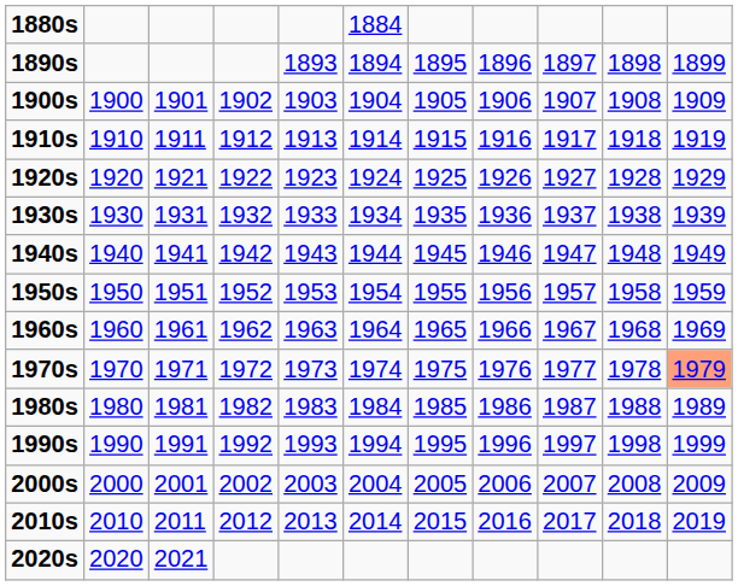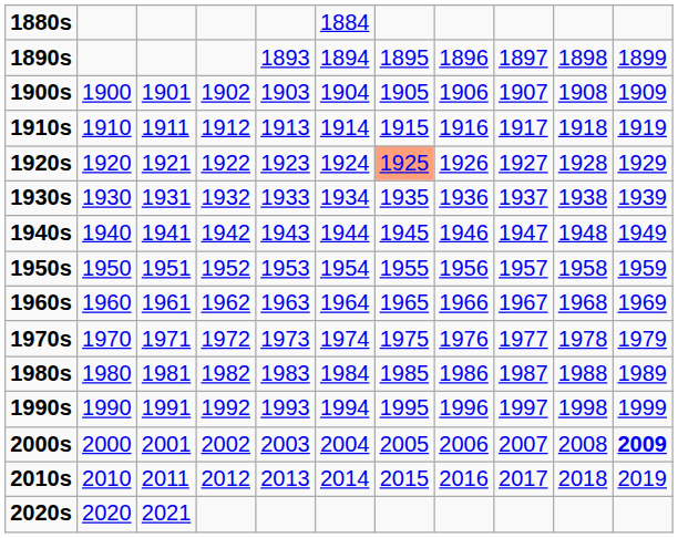 <table class="wikitable">
 <tr>
 <td><strong>1880s</strong></td>
 <td></td>
 <td></td>
 <td></td>
 <td></td>
 <td><a href='#'>1884</a></td>
 <td></td>
 <td></td>
 <td></td>
 <td></td>
 <td></td>
 </tr>
 <tr>
 <td><strong>1890s</strong></td>
 <td></td>
 <td></td>
 <td></td>
 <td><a href='#'>1893</a></td>
 <td><a href='#'>1894</a></td>
 <td><a href='#'>1895</a></td>
 <td><a href='#'>1896</a></td>
 <td><a href='#'>1897</a></td>
 <td><a href='#'>1898</a></td>
 <td><a href='#'>1899</a></td>
 </tr>
 <tr>
 <td><strong>1900s</strong></td>
 <td><a href='#'>1900</a></td>
 <td><a href='#'>1901</a></td>
 <td><a href='#'>1902</a></td>
 <td><a href='#'>1903</a></td>
 <td><a href='#'>1904</a></td>
 <td><a href='#'>1905</a></td>
 <td><a href='#'>1906</a></td>
 <td><a href='#'>1907</a></td>
 <td><a href='#'>1908</a></td>
 <td><a href='#'>1909</a></td>
 </tr>
 <tr>
 <td><strong>1910s</strong></td>
 <td><a href='#'>1910</a></td>
 <td><a href='#'>1911</a></td>
 <td><a href='#'>1912</a></td>
 <td><a href='#'>1913</a></td>
 <td><a href='#'>1914</a></td>
 <td><a href='#'>1915</a></td>
 <td><a href='#'>1916</a></td>
 <td><a href='#'>1917</a></td>
 <td><a href='#'>1918</a></td>
 <td><a href='#'>1919</a></td>
 </tr>
 <tr>
 <td><strong>1920s</strong></td>
 <td><a href='#'>1920</a></td>
 <td><a href='#'>1921</a></td>
 <td><a href='#'>1922</a></td>
 <td><a href='#'>1923</a></td>
 <td><a href='#'>1924</a></td>
-<td><a href='#'>1925</a></td>
+<td style="background: lightsalmon;"><a href='#'>1925</a></td>
 <td><a href='#'>1926</a></td>
 <td><a href='#'>1927</a></td>
 <td><a href='#'>1928</a></td>
 <td><a href='#'>1929</a></td>
 </tr>
 <tr>
 <td><strong>1930s</strong></td>
 <td><a href='#'>1930</a></td>
 <td><a href='#'>1931</a></td>
 <td><a href='#'>1932</a></td>
 <td><a href='#'>1933</a></td>
 <td><a href='#'>1934</a></td>
 <td><a href='#'>1935</a></td>
 <td><a href='#'>1936</a></td>
 <td><a href='#'>1937</a></td>
 <td><a href='#'>1938</a></td>
 <td><a href='#'>1939</a></td>
 </tr>
 <tr>
 <td><strong>1940s</strong></td>
 <td><a href='#'>1940</a></td>
 <td><a href='#'>1941</a></td>
 <td><a href='#'>1942</a></td>
 <td><a href='#'>1943</a></td>
 <td><a href='#'>1944</a></td>
 <td><a href='#'>1945</a></td>
 <td><a href='#'>1946</a></td>
 <td><a href='#'>1947</a></td>
 <td><a href='#'>1948</a></td>
 <td><a href='#'>1949</a></td>
 </tr>
 <tr>
 <td><strong>1950s</strong></td>
 <td><a href='#'>1950</a></td>
 <td><a href='#'>1951</a></td>
 <td><a href='#'>1952</a></td>
 <td><a href='#'>1953</a></td>
 <td><a href='#'>1954</a></td>
 <td><a href='#'>1955</a></td>
 <td><a href='#'>1956</a></td>
 <td><a href='#'>1957</a></td>
 <td><a href='#'>1958</a></td>
 <td><a href='#'>1959</a></td>
 </tr>
 <tr>
 <td><strong>1960s</strong></td>
 <td><a href='#'>1960</a></td>
 <td><a href='#'>1961</a></td>
 <td><a href='#'>1962</a></td>
 <td><a href='#'>1963</a></td>
 <td><a href='#'>1964</a></td>
 <td><a href='#'>1965</a></td>
 <td><a href='#'>1966</a></td>
 <td><a href='#'>1967</a></td>
 <td><a href='#'>1968</a></td>
 <td><a href='#'>1969</a></td>
 </tr>
 <tr>
 <td><strong>1970s</strong></td>
 <td><a href='#'>1970</a></td>
 <td><a href='#'>1971</a></td>
 <td><a href='#'>1972</a></td>
 <td><a href='#'>1973</a></td>
 <td><a href='#'>1974</a></td>
 <td><a href='#'>1975</a></td>
 <td><a href='#'>1976</a></td>
 <td><a href='#'>1977</a></td>
 <td><a href='#'>1978</a></td>
-<td style="background: lightsalmon;"><a href='#'>1979</a></td>
+<td><a href='#'>1979</a></td>
 </tr>
 <tr>
 <td><strong>1980s</strong></td>
 <td><a href='#'>1980</a></td>
 <td><a href='#'>1981</a></td>
 <td><a href='#'>1982</a></td>
 <td><a href='#'>1983</a></td>
 <td><a href='#'>1984</a></td>
 <td><a href='#'>1985</a></td>
 <td><a href='#'>1986</a></td>
 <td><a href='#'>1987</a></td>
 <td><a href='#'>1988</a></td>
 <td><a href='#'>1989</a></td>
 </tr>
 <tr>
 <td><strong>1990s</strong></td>
 <td><a href='#'>1990</a></td>
 <td><a href='#'>1991</a></td>
 <td><a href='#'>1992</a></td>
 <td><a href='#'>1993</a></td>
 <td><a href='#'>1994</a></td>
 <td><a href='#'>1995</a></td>
 <td><a href='#'>1996</a></td>
 <td><a href='#'>1997</a></td>
 <td><a href='#'>1998</a></td>
 <td><a href='#'>1999</a></td>
 </tr>
 <tr>
 <td><strong>2000s</strong></td>
 <td><a href='#'>2000</a></td>
 <td><a href='#'>2001</a></td>
 <td><a href='#'>2002</a></td>
 <td><a href='#'>2003</a></td>
 <td><a href='#'>2004</a></td>
 <td><a href='#'>2005</a></td>
 <td><a href='#'>2006</a></td>
 <td><a href='#'>2007</a></td>
 <td><a href='#'>2008</a></td>
-<td><a href='#'>2009</a></td>
+<td><strong><a href='#'>2009</a></strong></td>
 </tr>
 <tr>
 <td><strong>2010s</strong></td>
 <td><a href='#'>2010</a></td>
 <td><a href='#'>2011</a></td>
 <td><a href='#'>2012</a></td>
 <td><a href='#'>2013</a></td>
 <td><a href='#'>2014</a></td>
 <td><a href='#'>2015</a></td>
 <td><a href='#'>2016</a></td>
 <td><a href='#'>2017</a></td>
 <td><a href='#'>2018</a></td>
 <td><a href='#'>2019</a></td>
 </tr>
 <tr>
 <td><strong>2020s</strong></td>
 <td><a href='#'>2020</a></td>
 <td><a href='#'>2021</a></td>
 <td></td>
 <td></td>
 <td></td>
 <td></td>
 <td></td>
 <td></td>
 <td></td>
 <td></td>
 </tr>
 </table>
